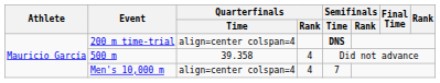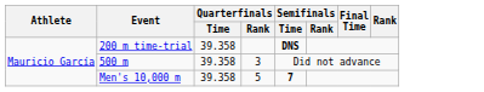 <table class=wikitable style="font-size:90%">
 <tr>
 <th rowspan=2>Athlete</th>
 <th rowspan=2>Event</th>
 <th colspan=2>Quarterfinals</th>
 <th colspan=2>Semifinals</th>
 <th rowspan=2>Final<br>Time</th>
 <th rowspan=2>Rank</th>
 </tr>
 <tr>
 <th>Time</th>
 <th>Rank</th>
 <th>Time</th>
 <th>Rank</th>
 </tr>
 <tr>
 <td rowspan=3><a href='#'>Mauricio García</a></td>
 <td><a href='#'>200 m time-trial</a></td>
-<td>align=center colspan=4 </td>
+<td align=center>39.358</td>
 <td align=center></td>
 <td align=center><strong>DNS</strong></td>
 </tr>
 <tr>
 <td><a href='#'>500 m</a></td>
 <td align=center>39.358</td>
-<td align=center>4</td>
+<td align=center>3</td>
 <td colspan=4 align=center>Did not advance</td>
 </tr>
 <tr>
 <td><a href='#'>Men's 10,000 m</a></td>
-<td>align=center colspan=4 </td>
-<td align=center>4</td>
-<td align=center>7</td>
+<td align=center>39.358</td>
+<td align=center>5</td>
+<td align=center><strong>7</strong></td>
 </tr>
 </table>
